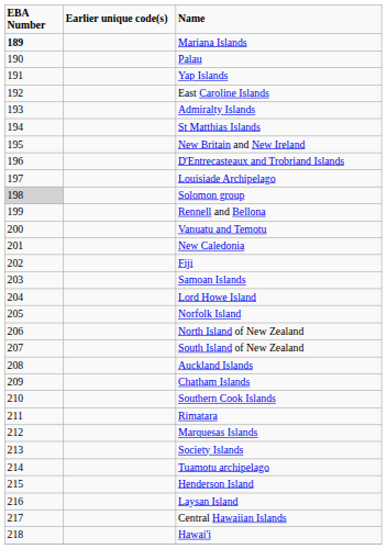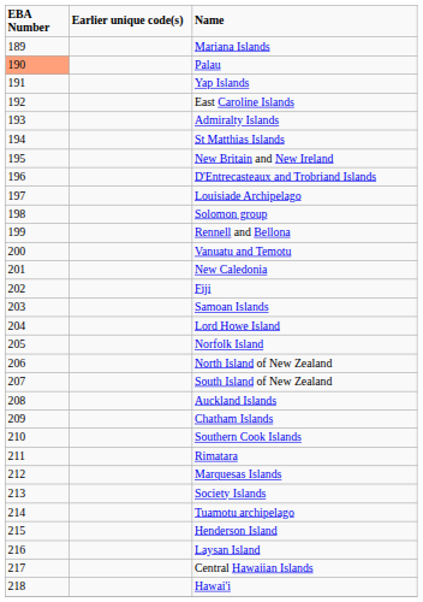 <table class="wikitable">
 <tr>
 <td style="width:80px"><strong>EBA Number</strong></td>
 <td style="width:160px"><strong>Earlier unique code(s)</strong></td>
 <td style="width:300px"><strong>Name</strong></td>
 </tr>
 <tr>
-<td><strong>189</strong></td>
+<td>189</td>
 <td></td>
 <td><a href='#'>Mariana Islands</a></td>
 </tr>
 <tr>
-<td>190</td>
+<td style="background: lightsalmon;">190</td>
 <td></td>
 <td><a href='#'>Palau</a></td>
 </tr>
 <tr>
 <td>191</td>
 <td></td>
 <td><a href='#'>Yap Islands</a></td>
 </tr>
 <tr>
 <td>192</td>
 <td></td>
 <td>East <a href='#'>Caroline Islands</a></td>
 </tr>
 <tr>
 <td>193</td>
 <td></td>
 <td><a href='#'>Admiralty Islands</a></td>
 </tr>
 <tr>
 <td>194</td>
 <td></td>
 <td><a href='#'>St Matthias Islands</a></td>
 </tr>
 <tr>
 <td>195</td>
 <td></td>
 <td><a href='#'>New Britain</a> and <a href='#'>New Ireland</a></td>
 </tr>
 <tr>
 <td>196</td>
 <td></td>
 <td><a href='#'>D'Entrecasteaux and Trobriand Islands</a></td>
 </tr>
 <tr>
 <td>197</td>
 <td></td>
 <td><a href='#'>Louisiade Archipelago</a></td>
 </tr>
 <tr>
-<td style="background: lightgrey;">198</td>
+<td>198</td>
 <td></td>
 <td><a href='#'>Solomon group</a></td>
 </tr>
 <tr>
 <td>199</td>
 <td></td>
 <td><a href='#'>Rennell</a> and <a href='#'>Bellona</a></td>
 </tr>
 <tr>
 <td>200</td>
 <td></td>
 <td><a href='#'>Vanuatu and Temotu</a></td>
 </tr>
 <tr>
 <td>201</td>
 <td></td>
 <td><a href='#'>New Caledonia</a></td>
 </tr>
 <tr>
 <td>202</td>
 <td></td>
 <td><a href='#'>Fiji</a></td>
 </tr>
 <tr>
 <td>203</td>
 <td></td>
 <td><a href='#'>Samoan Islands</a></td>
 </tr>
 <tr>
 <td>204</td>
 <td></td>
 <td><a href='#'>Lord Howe Island</a></td>
 </tr>
 <tr>
 <td>205</td>
 <td></td>
 <td><a href='#'>Norfolk Island</a></td>
 </tr>
 <tr>
 <td>206</td>
 <td></td>
 <td><a href='#'>North Island</a> of New Zealand</td>
 </tr>
 <tr>
 <td>207</td>
 <td></td>
 <td><a href='#'>South Island</a> of New Zealand</td>
 </tr>
 <tr>
 <td>208</td>
 <td></td>
 <td><a href='#'>Auckland Islands</a></td>
 </tr>
 <tr>
 <td>209</td>
 <td></td>
 <td><a href='#'>Chatham Islands</a></td>
 </tr>
 <tr>
 <td>210</td>
 <td></td>
 <td><a href='#'>Southern Cook Islands</a></td>
 </tr>
 <tr>
 <td>211</td>
 <td></td>
 <td><a href='#'>Rimatara</a></td>
 </tr>
 <tr>
 <td>212</td>
 <td></td>
 <td><a href='#'>Marquesas Islands</a></td>
 </tr>
 <tr>
 <td>213</td>
 <td></td>
 <td><a href='#'>Society Islands</a></td>
 </tr>
 <tr>
 <td>214</td>
 <td></td>
 <td><a href='#'>Tuamotu archipelago</a></td>
 </tr>
 <tr>
 <td>215</td>
 <td></td>
 <td><a href='#'>Henderson Island</a></td>
 </tr>
 <tr>
 <td>216</td>
 <td></td>
 <td><a href='#'>Laysan Island</a></td>
 </tr>
 <tr>
 <td>217</td>
 <td></td>
 <td>Central <a href='#'>Hawaiian Islands</a></td>
 </tr>
 <tr>
 <td>218</td>
 <td></td>
 <td><a href='#'>Hawai'i</a></td>
 </tr>
 <tr>
 </tr>
 </table>
